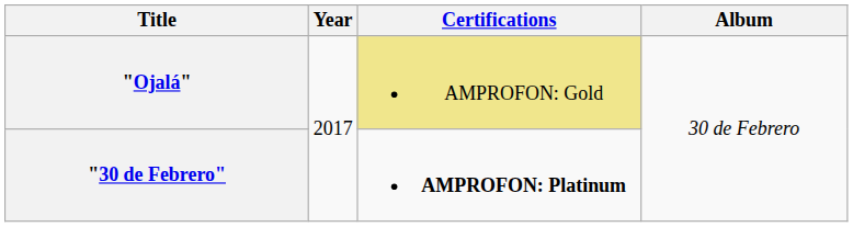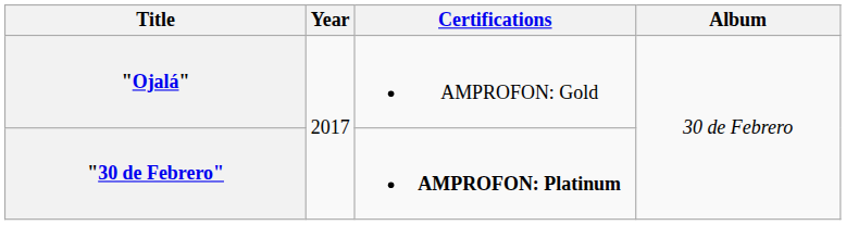 <table class="wikitable plainrowheaders" style="text-align:center;">
 <tr>
 <th scope="col" style="width:15em;">Title</th>
 <th scope="col" style="width:2em;">Year</th>
 <th scope="col" style="width:14em;"><a href='#'>Certifications</a></th>
 <th scope="col" style="width:10em;">Album</th>
 </tr>
 <tr>
 <th scope="row">"<a href='#'>Ojalá</a>"</th>
 <td rowspan="4">2017</td>
-<td style="background: khaki;"><br><ul><li>AMPROFON: Gold</li></ul></td>
+<td><br><ul><li>AMPROFON: Gold</li></ul></td>
 <td rowspan="4"><em>30 de Febrero</em></td>
 </tr>
 <tr>
 <th scope="row">"<a href='#'>30 de Febrero"</a><br></th>
 <td><strong><br><ul><li>AMPROFON: Platinum</li></ul></strong></td>
 </tr>
 </table>
